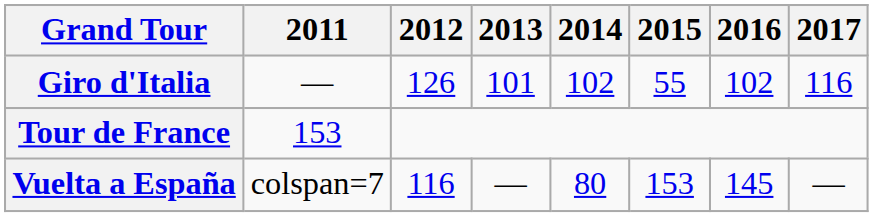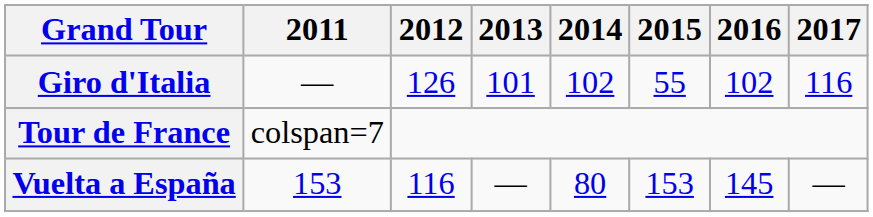 <table class="wikitable plainrowheaders">
 <tr>
 <th scope="col"><a href='#'>Grand Tour</a></th>
 <th scope="col">2011</th>
 <th scope="col">2012</th>
 <th scope="col">2013</th>
 <th scope="col">2014</th>
 <th scope="col">2015</th>
 <th scope="col">2016</th>
 <th scope="col">2017</th>
 </tr>
 <tr style="text-align:center;">
 <th scope="row"> <a href='#'>Giro d'Italia</a></th>
 <td>—</td>
 <td><a href='#'>126</a></td>
 <td><a href='#'>101</a></td>
 <td><a href='#'>102</a></td>
 <td><a href='#'>55</a></td>
 <td><a href='#'>102</a></td>
 <td><a href='#'>116</a></td>
 </tr>
 <tr style="text-align:center;">
 <th scope="row"> <a href='#'>Tour de France</a></th>
-<td><a href='#'>153</a></td>
+<td>colspan=7 </td>
 </tr>
 <tr style="text-align:center;">
 <th scope="row"> <a href='#'>Vuelta a España</a></th>
-<td>colspan=7 </td>
+<td><a href='#'>153</a></td>
 <td><a href='#'>116</a></td>
 <td>—</td>
 <td><a href='#'>80</a></td>
 <td><a href='#'>153</a></td>
 <td><a href='#'>145</a></td>
 <td>—</td>
 </tr>
 </table>
